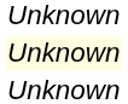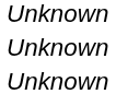 <table>
 <tr style="vertical-align:top;" style="background:#dfdfdf;">
 </tr>
 <tr style="vertical-align:center;">
 <th scope=row style="text-align:left"></th>
 <td><br></td>
 <td><br></td>
 <td><br></td>
 </tr>
 <tr style="vertical-align:top;">
 <th scope=row style="text-align:left"></th>
 <td></td>
 <td></td>
 <td></td>
 </tr>
 <tr style="vertical-align:top;">
 <th scope=row style="text-align:left"></th>
 <td></td>
 <td></td>
 <td></td>
 </tr>
 <tr style="vertical-align:top;">
 <th scope=row style="text-align:left"></th>
 <td></td>
 <td></td>
 <td></td>
 </tr>
 <tr style="vertical-align:top;">
 <th scope=row style="text-align:left"></th>
 <td></td>
 <td></td>
 <td></td>
 </tr>
 <tr style="vertical-align:top;">
 <th scope=row style="text-align:left"></th>
 <td></td>
 <td></td>
 <td></td>
 </tr>
 <tr style="vertical-align:center;">
 <th scope=row style="text-align:left"></th>
 <td><br></td>
 <td></td>
 <td><em>Unknown</em></td>
 </tr>
 <tr style="vertical-align:center;">
 <th scope=row style="text-align:left"></th>
 <td><br></td>
 <td></td>
-<td style="background: lightyellow;"><em>Unknown</em></td>
+<td><em>Unknown</em></td>
 </tr>
 <tr style="vertical-align:center;">
 <th scope=row style="text-align:left"></th>
 <td><br></td>
 <td></td>
 <td><em>Unknown</em></td>
 </tr>
 </table>
